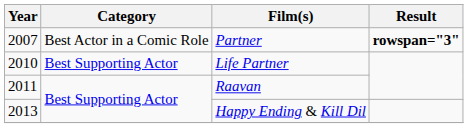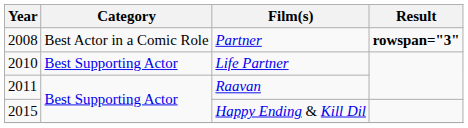 <table class="wikitable">
 <tr style="background:#ebf5ff;">
 <th>Year</th>
 <th>Category</th>
 <th>Film(s)</th>
 <th>Result</th>
 </tr>
 <tr>
-<td>2007</td>
+<td>2008</td>
 <td>Best Actor in a Comic Role</td>
 <td><em><a href='#'>Partner</a></em></td>
 <td><strong>rowspan="3" </strong></td>
 </tr>
 <tr>
 <td>2010</td>
 <td><a href='#'>Best Supporting Actor</a></td>
 <td><em><a href='#'>Life Partner</a></em></td>
 </tr>
 <tr>
 <td>2011</td>
 <td rowspan="2"><a href='#'>Best Supporting Actor</a></td>
 <td><em><a href='#'>Raavan</a></em></td>
 </tr>
 <tr>
-<td>2013</td>
+<td>2015</td>
 <td><em><a href='#'>Happy Ending</a></em> & <em><a href='#'>Kill Dil</a></em></td>
 <td></td>
 </tr>
 <tr>
 </tr>
 </table>
